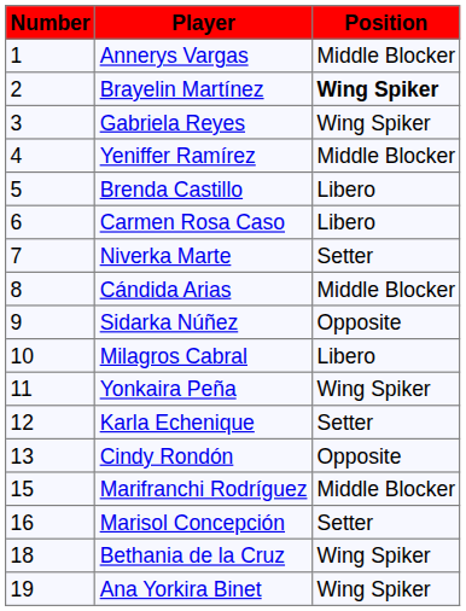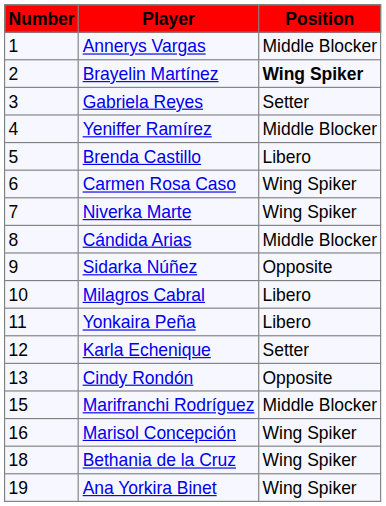 <table bgcolor="#f7f8ff" cellpadding="3" cellspacing="0" border="1" style="font-size: 95%; border: gray solid 1px; border-collapse: collapse">
 <tr bgcolor="#ff0000">
 <td align=center><strong>Number</strong></td>
 <td align=center><strong>Player</strong></td>
 <td align=center><strong>Position</strong></td>
 </tr>
 <tr align="left">
 <td>1</td>
 <td> <a href='#'>Annerys Vargas</a></td>
 <td>Middle Blocker</td>
 </tr>
 <tr align=left>
 <td>2</td>
 <td> <a href='#'>Brayelin Martínez</a></td>
 <td><strong>Wing Spiker</strong></td>
 </tr>
 <tr align="left">
 <td>3</td>
 <td> <a href='#'>Gabriela Reyes</a></td>
-<td>Wing Spiker</td>
+<td>Setter</td>
 </tr>
 <tr align="left">
 <td>4</td>
 <td> <a href='#'>Yeniffer Ramírez</a></td>
 <td>Middle Blocker</td>
 </tr>
 <tr align="left">
 <td>5</td>
 <td> <a href='#'>Brenda Castillo</a></td>
 <td>Libero</td>
 </tr>
 <tr align="left">
 <td>6</td>
 <td> <a href='#'>Carmen Rosa Caso</a></td>
-<td>Libero</td>
+<td>Wing Spiker</td>
 </tr>
 <tr align="left">
 <td>7</td>
 <td> <a href='#'>Niverka Marte</a></td>
-<td>Setter</td>
+<td>Wing Spiker</td>
 </tr>
 <tr align="left">
 <td>8</td>
 <td> <a href='#'>Cándida Arias</a></td>
 <td>Middle Blocker</td>
 </tr>
 <tr align="left">
 <td>9</td>
 <td> <a href='#'>Sidarka Núñez</a></td>
 <td>Opposite</td>
 </tr>
 <tr align="left">
 <td>10</td>
 <td> <a href='#'>Milagros Cabral</a></td>
 <td>Libero</td>
 </tr>
 <tr align="left">
 <td>11</td>
 <td> <a href='#'>Yonkaira Peña</a></td>
-<td>Wing Spiker</td>
+<td>Libero</td>
 </tr>
 <tr align="left">
 <td>12</td>
 <td> <a href='#'>Karla Echenique</a></td>
 <td>Setter</td>
 </tr>
 <tr align="left">
 <td>13</td>
 <td> <a href='#'>Cindy Rondón</a></td>
 <td>Opposite</td>
 </tr>
 <tr align="left">
 <td>15</td>
 <td> <a href='#'>Marifranchi Rodríguez</a></td>
 <td>Middle Blocker</td>
 </tr>
 <tr align="left">
 <td>16</td>
 <td> <a href='#'>Marisol Concepción</a></td>
-<td>Setter</td>
+<td>Wing Spiker</td>
 </tr>
 <tr align="left">
 <td>18</td>
 <td> <a href='#'>Bethania de la Cruz</a></td>
 <td>Wing Spiker</td>
 </tr>
 <tr align="left">
 <td>19</td>
 <td> <a href='#'>Ana Yorkira Binet</a></td>
 <td>Wing Spiker</td>
 </tr>
 </table>
